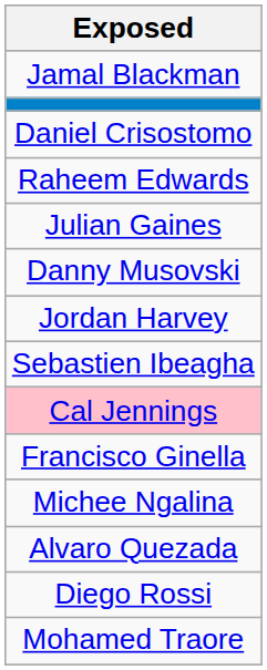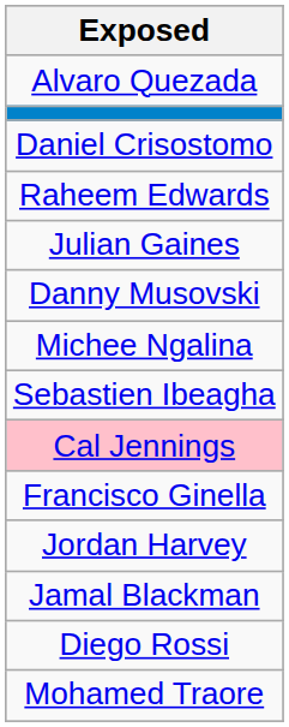 <table class="wikitable" style="text-align:center">
 <tr>
 <th>Exposed</th>
 </tr>
 <tr>
-<td><a href='#'>Jamal Blackman</a></td>
+<td><a href='#'>Alvaro Quezada</a></td>
 </tr>
 <tr>
 <td style="background: #0082CA"></td>
 </tr>
 <tr>
 <td><a href='#'>Daniel Crisostomo</a></td>
 </tr>
 <tr>
 <td><a href='#'>Raheem Edwards</a></td>
 </tr>
 <tr>
 <td><a href='#'>Julian Gaines</a></td>
 </tr>
 <tr>
 <td><a href='#'>Danny Musovski</a></td>
 </tr>
 <tr>
-<td><a href='#'>Jordan Harvey</a></td>
+<td><a href='#'>Michee Ngalina</a></td>
 </tr>
 <tr>
 <td><a href='#'>Sebastien Ibeagha</a></td>
 </tr>
 <tr>
 <td style="background: pink;"><a href='#'>Cal Jennings</a></td>
 </tr>
 <tr>
 <td><a href='#'>Francisco Ginella</a></td>
 </tr>
 <tr>
-<td><a href='#'>Michee Ngalina</a></td>
+<td><a href='#'>Jordan Harvey</a></td>
 </tr>
 <tr>
-<td><a href='#'>Alvaro Quezada</a></td>
+<td><a href='#'>Jamal Blackman</a></td>
 </tr>
 <tr>
 <td><a href='#'>Diego Rossi</a></td>
 </tr>
 <tr>
 <td><a href='#'>Mohamed Traore</a></td>
 </tr>
 </table>
